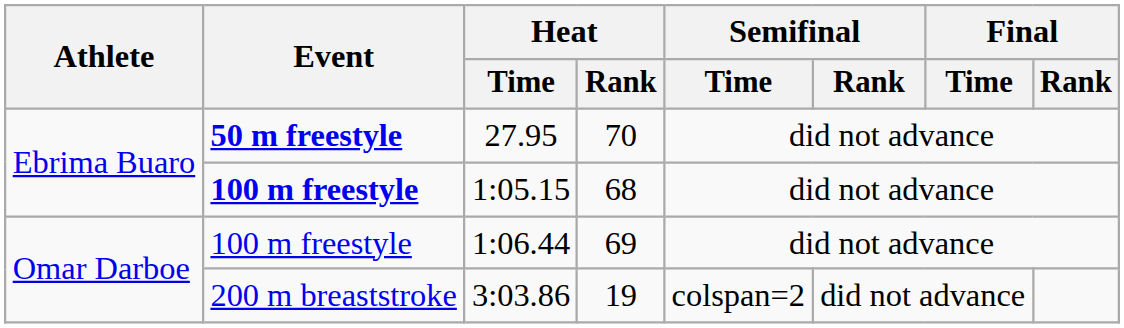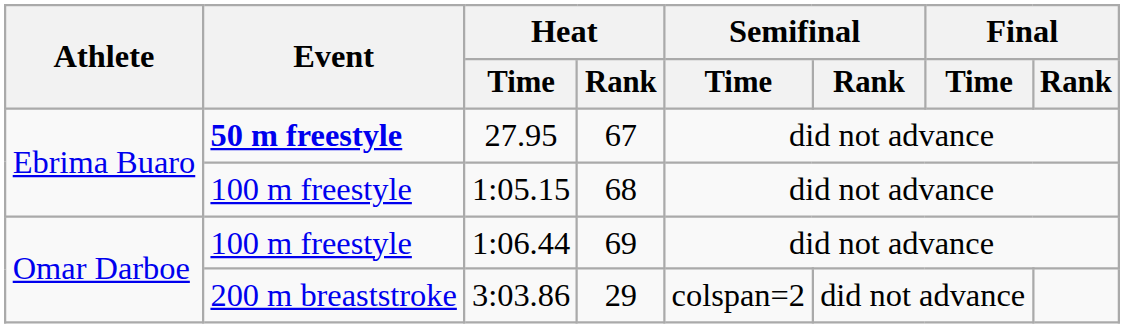 <table class=wikitable style=font-size:90%>
 <tr>
 <th rowspan=2>Athlete</th>
 <th rowspan=2>Event</th>
 <th colspan=2>Heat</th>
 <th colspan=2>Semifinal</th>
 <th colspan=2>Final</th>
 </tr>
 <tr style=font-size:95%>
 <th>Time</th>
 <th>Rank</th>
 <th>Time</th>
 <th>Rank</th>
 <th>Time</th>
 <th>Rank</th>
 </tr>
 <tr align=center>
 <td align=left rowspan=2><a href='#'>Ebrima Buaro</a></td>
 <td align=left rowspan="1"><strong><a href='#'>50 m freestyle</a></strong></td>
 <td>27.95</td>
-<td>70</td>
+<td>67</td>
 <td colspan=4>did not advance</td>
 </tr>
 <tr align=center>
-<td align=left rowspan="1"><strong><a href='#'>100 m freestyle</a></strong></td>
+<td align=left rowspan="1"><a href='#'>100 m freestyle</a></td>
 <td>1:05.15</td>
 <td>68</td>
 <td colspan=4>did not advance</td>
 </tr>
 <tr align=center>
 <td align=left rowspan=2><a href='#'>Omar Darboe</a></td>
 <td align=left rowspan="1"><a href='#'>100 m freestyle</a></td>
 <td>1:06.44</td>
 <td>69</td>
 <td colspan=4>did not advance</td>
 </tr>
 <tr align=center>
 <td align=left rowspan="1"><a href='#'>200 m breaststroke</a></td>
 <td>3:03.86</td>
-<td>19</td>
+<td>29</td>
 <td>colspan=2 </td>
 <td colspan=2>did not advance</td>
 </tr>
 </table>
